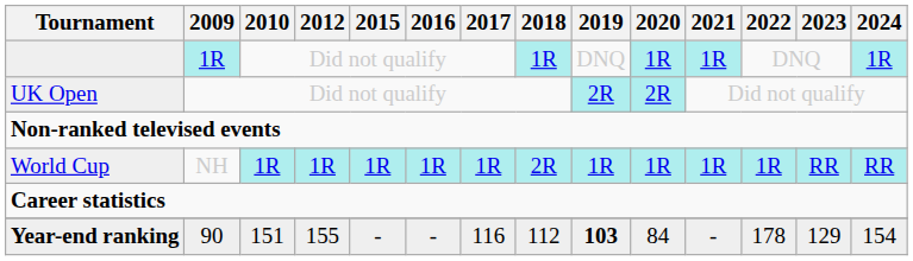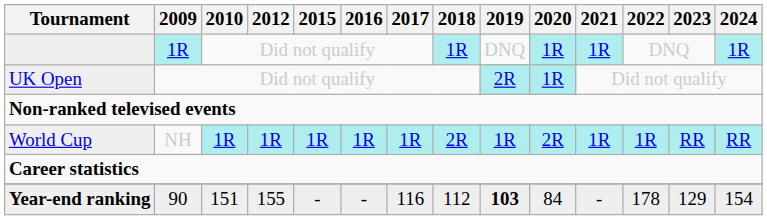 <table class="wikitable">
 <tr>
 <th>Tournament</th>
 <th>2009</th>
 <th>2010</th>
 <th>2012</th>
 <th>2015</th>
 <th>2016</th>
 <th>2017</th>
 <th>2018</th>
 <th>2019</th>
 <th>2020</th>
 <th>2021</th>
 <th>2022</th>
 <th>2023</th>
 <th>2024</th>
 </tr>
 <tr>
 <td style="background:#efefef;"></td>
 <td style="text-align:center; background:#afeeee;"><a href='#'>1R</a></td>
 <td colspan="5" style="text-align:center; color:#ccc;">Did not qualify</td>
 <td style="text-align:center; background:#afeeee;"><a href='#'>1R</a></td>
 <td style="text-align:center; color:#ccc;">DNQ</td>
 <td style="text-align:center; background:#afeeee;"><a href='#'>1R</a></td>
 <td style="text-align:center; background:#afeeee;"><a href='#'>1R</a></td>
 <td colspan="2" style="text-align:center; color:#ccc;">DNQ</td>
 <td style="text-align:center; background:#afeeee;"><a href='#'>1R</a></td>
 </tr>
 <tr>
 <td style="background:#efefef;"><a href='#'>UK Open</a></td>
 <td colspan="7" style="text-align:center; color:#ccc;">Did not qualify</td>
 <td style="text-align:center; background:#afeeee;"><a href='#'>2R</a></td>
-<td style="text-align:center; background:#afeeee;"><a href='#'>2R</a></td>
+<td style="text-align:center; background:#afeeee;"><a href='#'>1R</a></td>
 <td colspan="4" style="text-align:center; color:#ccc;">Did not qualify</td>
 </tr>
 <tr>
 <td colspan="21" align="left"><strong>Non-ranked televised events</strong></td>
 </tr>
 <tr>
 <td style="background:#efefef;"><a href='#'>World Cup</a></td>
 <td style="text-align:center; color:#ccc;">NH</td>
 <td style="text-align:center; background:#afeeee;"><a href='#'>1R</a></td>
 <td style="text-align:center; background:#afeeee;"><a href='#'>1R</a></td>
 <td style="text-align:center; background:#afeeee;"><a href='#'>1R</a></td>
 <td style="text-align:center; background:#afeeee;"><a href='#'>1R</a></td>
 <td style="text-align:center; background:#afeeee;"><a href='#'>1R</a></td>
 <td style="text-align:center; background:#afeeee;"><a href='#'>2R</a></td>
 <td style="text-align:center; background:#afeeee;"><a href='#'>1R</a></td>
-<td style="text-align:center; background:#afeeee;"><a href='#'>1R</a></td>
+<td style="text-align:center; background:#afeeee;"><a href='#'>2R</a></td>
 <td style="text-align:center; background:#afeeee;"><a href='#'>1R</a></td>
 <td style="text-align:center; background:#afeeee;"><a href='#'>1R</a></td>
 <td style="text-align:center; background:#afeeee;"><a href='#'>RR</a></td>
 <td style="text-align:center; background:#afeeee;"><a href='#'>RR</a></td>
 </tr>
 <tr>
 <td colspan="17" align="left"><strong>Career statistics</strong></td>
 </tr>
 <tr>
 </tr>
 <tr bgcolor="efefef">
 <td align="left"><strong>Year-end ranking</strong></td>
 <td style="text-align:center;">90</td>
 <td style="text-align:center;">151</td>
 <td style="text-align:center;">155</td>
 <td style="text-align:center;">-</td>
 <td style="text-align:center;">-</td>
 <td style="text-align:center;">116</td>
 <td style="text-align:center;">112</td>
 <td style="text-align:center;"><strong>103</strong></td>
 <td style="text-align:center;">84</td>
 <td style="text-align:center;">-</td>
 <td style="text-align:center;">178</td>
 <td style="text-align:center;">129</td>
 <td style="text-align:center;">154</td>
 </tr>
 </table>
